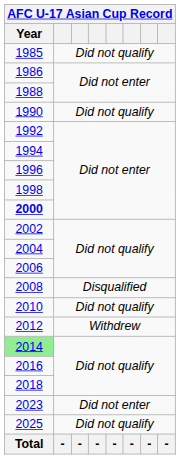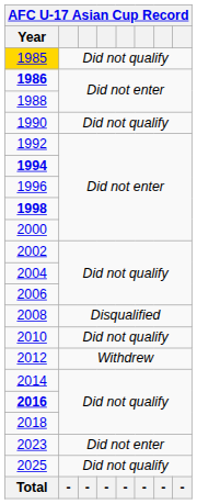 <table class="wikitable" style="text-align: center;">
 <tr>
 <th colspan=9><a href='#'>AFC U-17 Asian Cup Record</a></th>
 </tr>
 <tr>
 <th>Year</th>
 <th></th>
 <th></th>
 <th></th>
 <th></th>
 <th></th>
 <th></th>
 <th></th>
 </tr>
 <tr>
-<td> <a href='#'>1985</a></td>
+<td style="background: gold;"> <a href='#'>1985</a></td>
 <td rowspan=1 colspan=7><em>Did not qualify</em></td>
 </tr>
 <tr>
-<td> <a href='#'>1986</a></td>
+<td><strong> <a href='#'>1986</a></strong></td>
 <td rowspan=2 colspan=7><em>Did not enter</em></td>
 </tr>
 <tr>
 <td> <a href='#'>1988</a></td>
 </tr>
 <tr>
 <td> <a href='#'>1990</a></td>
 <td rowspan=1 colspan=7><em>Did not qualify</em></td>
 </tr>
 <tr>
 <td> <a href='#'>1992</a></td>
 <td rowspan=5 colspan=7><em>Did not enter</em></td>
 </tr>
 <tr>
-<td> <a href='#'>1994</a></td>
+<td><strong> <a href='#'>1994</a></strong></td>
 </tr>
 <tr>
 <td> <a href='#'>1996</a></td>
 </tr>
 <tr>
-<td> <a href='#'>1998</a></td>
+<td><strong> <a href='#'>1998</a></strong></td>
 </tr>
 <tr>
-<td><strong> <a href='#'>2000</a></strong></td>
+<td> <a href='#'>2000</a></td>
 </tr>
 <tr>
 <td> <a href='#'>2002</a></td>
 <td rowspan=3 colspan=7><em>Did not qualify</em></td>
 </tr>
 <tr>
 <td> <a href='#'>2004</a></td>
 </tr>
 <tr>
 <td> <a href='#'>2006</a></td>
 </tr>
 <tr>
 <td> <a href='#'>2008</a></td>
 <td rowspan=1 colspan=7><em>Disqualified</em></td>
 </tr>
 <tr>
 <td> <a href='#'>2010</a></td>
 <td rowspan=1 colspan=7><em>Did not qualify</em></td>
 </tr>
 <tr>
 <td> <a href='#'>2012</a></td>
 <td rowspan=1 colspan=7><em>Withdrew</em></td>
 </tr>
 <tr>
-<td style="background: lightgreen;"> <a href='#'>2014</a></td>
+<td> <a href='#'>2014</a></td>
 <td rowspan=3 colspan=7><em>Did not qualify</em></td>
 </tr>
 <tr>
-<td> <a href='#'>2016</a></td>
+<td><strong> <a href='#'>2016</a></strong></td>
 </tr>
 <tr>
 <td> <a href='#'>2018</a></td>
 </tr>
 <tr>
 <td> <a href='#'>2023</a></td>
 <td colspan=7><em>Did not enter</em></td>
 </tr>
 <tr>
 <td> <a href='#'>2025</a></td>
 <td colspan=7><em>Did not qualify</em></td>
 </tr>
 <tr>
 <th><strong>Total</strong></th>
 <th><strong>-</strong></th>
 <th><strong>-</strong></th>
 <th><strong>-</strong></th>
 <th><strong>-</strong></th>
 <th><strong>-</strong></th>
 <th><strong>-</strong></th>
 <th><strong>-</strong></th>
 </tr>
 </table>
